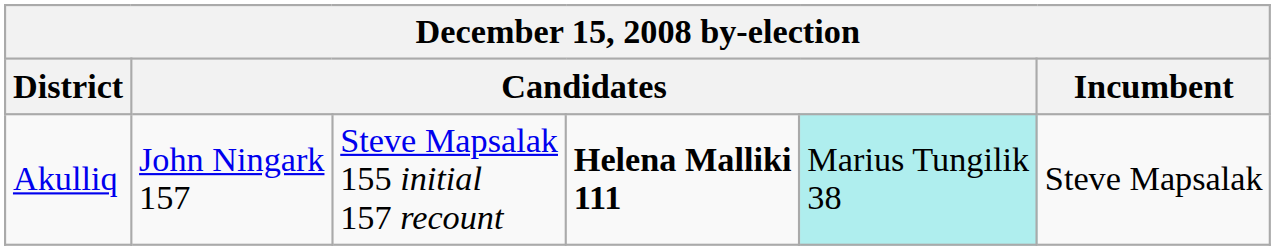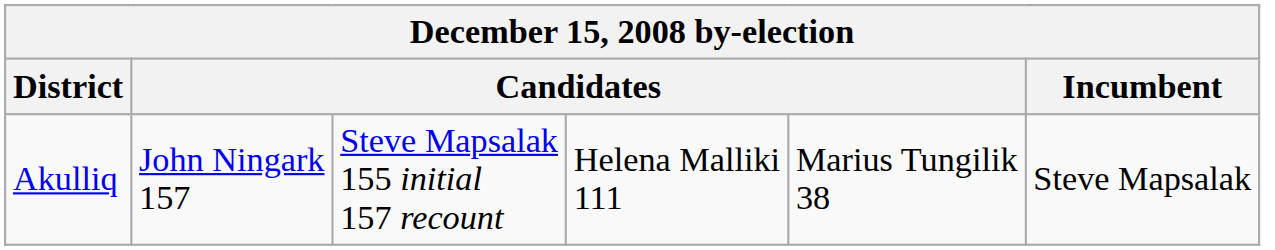 <table class=wikitable>
 <tr>
 <th colspan=6 align=center>December 15, 2008 by-election</th>
 </tr>
 <tr>
 <th>District</th>
 <th colspan="4">Candidates</th>
 <th>Incumbent</th>
 </tr>
 <tr>
 <td><a href='#'>Akulliq</a></td>
 <td><a href='#'>John Ningark</a><br>157</td>
 <td><a href='#'>Steve Mapsalak</a><br>155 <em>initial</em><br>157 <em>recount</em></td>
-<td><strong>Helena Malliki<br>111</strong></td>
-<td style="background: paleturquoise;">Marius Tungilik<br>38</td>
+<td>Helena Malliki<br>111</td>
+<td>Marius Tungilik<br>38</td>
 <td>Steve Mapsalak</td>
 </tr>
 </table>
